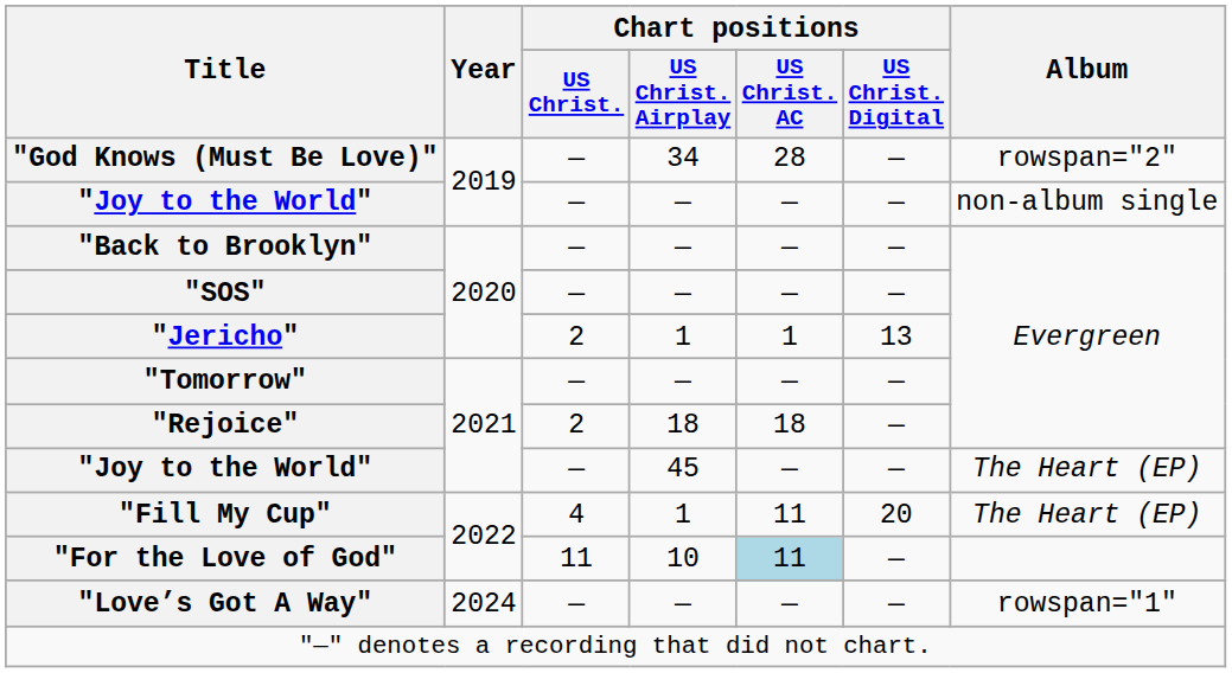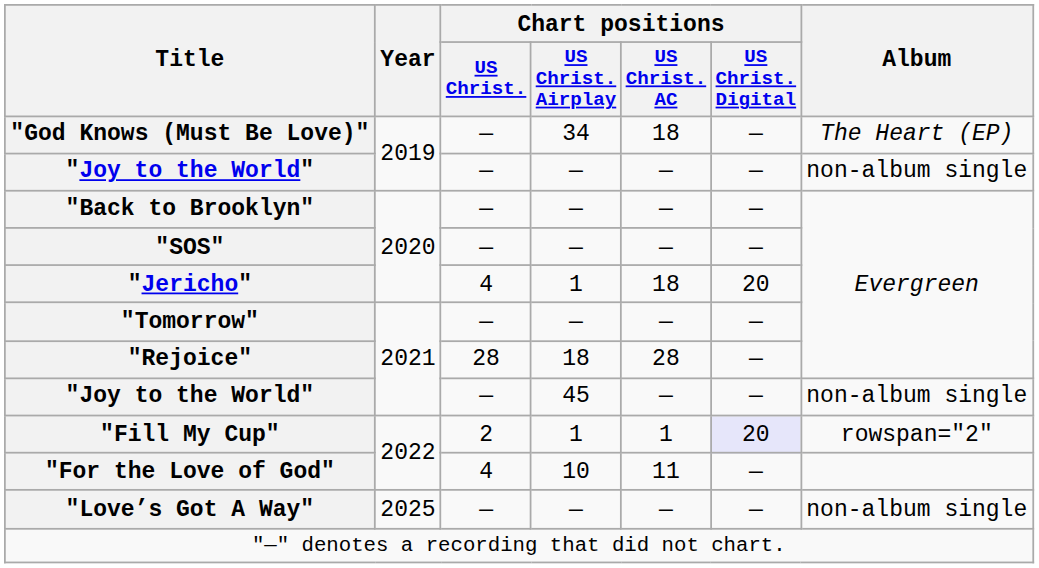 <table class="wikitable plainrowheaders" style="text-align:center;">
 <tr>
 <th rowspan="2">Title</th>
 <th rowspan="2">Year</th>
 <th colspan="4">Chart positions</th>
 <th rowspan="2">Album</th>
 </tr>
 <tr style="font-size:smaller;">
 <th width="45"><a href='#'>US<br>Christ.</a><br></th>
 <th width="45"><a href='#'>US<br>Christ.<br>Airplay</a><br></th>
 <th width="45"><a href='#'>US<br>Christ.<br>AC</a><br></th>
 <th width="45"><a href='#'>US<br>Christ.<br>Digital</a><br></th>
 </tr>
 <tr>
 <th scope="row">"God Knows (Must Be Love)"</th>
 <td rowspan="2">2019</td>
 <td>—</td>
 <td>34</td>
-<td>28</td>
+<td>18</td>
 <td>—</td>
-<td>rowspan="2" </td>
+<td><em>The Heart (EP)</em></td>
 </tr>
 <tr>
 <th scope="row">"<a href='#'>Joy to the World</a>"</th>
 <td>—</td>
 <td>—</td>
 <td>—</td>
 <td>—</td>
 <td>non-album single</td>
 </tr>
 <tr>
 <th scope="row">"Back to Brooklyn"</th>
 <td rowspan="3">2020</td>
 <td>—</td>
 <td>—</td>
 <td>—</td>
 <td>—</td>
 <td rowspan="5"><em>Evergreen</em></td>
 </tr>
 <tr>
 <th scope="row">"SOS"<br></th>
 <td>—</td>
 <td>—</td>
 <td>—</td>
 <td>—</td>
 </tr>
 <tr>
 <th scope="row">"<a href='#'>Jericho</a>"</th>
-<td>2</td>
+<td>4</td>
 <td>1</td>
-<td>1</td>
-<td>13</td>
+<td>18</td>
+<td>20</td>
 </tr>
 <tr>
 <th scope="row">"Tomorrow"</th>
 <td rowspan="3">2021</td>
 <td>—</td>
 <td>—</td>
 <td>—</td>
 <td>—</td>
 </tr>
 <tr>
 <th scope="row">"Rejoice"</th>
-<td>2</td>
+<td>28</td>
 <td>18</td>
-<td>18</td>
+<td>28</td>
 <td>—</td>
 </tr>
 <tr>
 <th scope="row">"Joy to the World"</th>
 <td>—</td>
 <td>45</td>
 <td>—</td>
 <td>—</td>
-<td><em>The Heart (EP)</em></td>
+<td>non-album single</td>
 </tr>
 <tr>
 <th scope="row">"Fill My Cup"</th>
 <td rowspan="2">2022</td>
-<td>4</td>
+<td>2</td>
 <td>1</td>
-<td>11</td>
-<td>20</td>
-<td><em>The Heart (EP)</em></td>
+<td>1</td>
+<td style="background: lavender;">20</td>
+<td>rowspan="2" </td>
 </tr>
 <tr>
 <th scope="row">"For the Love of God"</th>
+<td>4</td>
+<td>10</td>
 <td>11</td>
-<td>10</td>
-<td style="background: lightblue;">11</td>
 <td>—</td>
 </tr>
 <tr>
 <th scope="row">"Love’s Got A Way"</th>
-<td rowspan="1">2024</td>
+<td rowspan="1">2025</td>
 <td>—</td>
 <td>—</td>
 <td>—</td>
 <td>—</td>
-<td>rowspan="1" </td>
+<td>non-album single</td>
 </tr>
 <tr>
 <td colspan="10" style="font-size:90%">"—" denotes a recording that did not chart.</td>
 </tr>
 </table>
